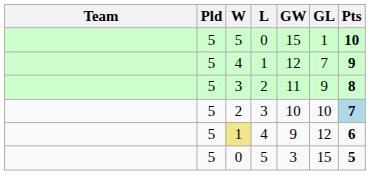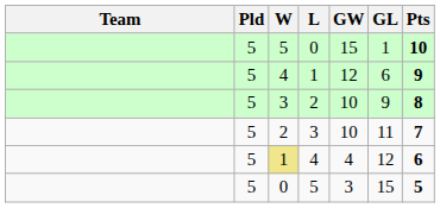 <table class="wikitable" style="text-align:center">
 <tr>
 <th width=200>Team</th>
 <th width=20>Pld</th>
 <th width=20>W</th>
 <th width=20>L</th>
 <th width=20>GW</th>
 <th width=20>GL</th>
 <th width=20>Pts</th>
 </tr>
 <tr bgcolor=ccffcc>
 <td style="text-align:left;"></td>
 <td>5</td>
 <td>5</td>
 <td>0</td>
 <td>15</td>
 <td>1</td>
 <td><strong>10</strong></td>
 </tr>
 <tr bgcolor=ccffcc>
 <td style="text-align:left;"></td>
 <td>5</td>
 <td>4</td>
 <td>1</td>
 <td>12</td>
-<td>7</td>
+<td>6</td>
 <td><strong>9</strong></td>
 </tr>
 <tr bgcolor=ccffcc>
 <td style="text-align:left;"></td>
 <td>5</td>
 <td>3</td>
 <td>2</td>
-<td>11</td>
+<td>10</td>
 <td>9</td>
 <td><strong>8</strong></td>
 </tr>
 <tr>
 <td style="text-align:left;"></td>
 <td>5</td>
 <td>2</td>
 <td>3</td>
 <td>10</td>
-<td>10</td>
-<td style="background: lightblue;"><strong>7</strong></td>
+<td>11</td>
+<td><strong>7</strong></td>
 </tr>
 <tr>
 <td style="text-align:left;"></td>
 <td>5</td>
 <td style="background: khaki;">1</td>
 <td>4</td>
-<td>9</td>
+<td>4</td>
 <td>12</td>
 <td><strong>6</strong></td>
 </tr>
 <tr>
 <td style="text-align:left;"></td>
 <td>5</td>
 <td>0</td>
 <td>5</td>
 <td>3</td>
 <td>15</td>
 <td><strong>5</strong></td>
 </tr>
 </table>
